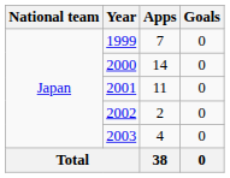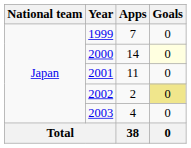 <table class="wikitable" style="text-align:center">
 <tr>
 <th>National team</th>
 <th>Year</th>
 <th>Apps</th>
 <th>Goals</th>
 </tr>
 <tr>
 <td rowspan="5"><a href='#'>Japan</a></td>
 <td><a href='#'>1999</a></td>
 <td>7</td>
 <td>0</td>
 </tr>
 <tr>
 <td><a href='#'>2000</a></td>
 <td>14</td>
-<td>0</td>
+<td style="background: lightyellow;">0</td>
 </tr>
 <tr>
 <td><a href='#'>2001</a></td>
 <td>11</td>
 <td>0</td>
 </tr>
 <tr>
 <td><a href='#'>2002</a></td>
 <td>2</td>
-<td>0</td>
+<td style="background: khaki;">0</td>
 </tr>
 <tr>
 <td><a href='#'>2003</a></td>
 <td>4</td>
 <td>0</td>
 </tr>
 <tr>
 <th colspan="2">Total</th>
 <th>38</th>
 <th>0</th>
 </tr>
 </table>
